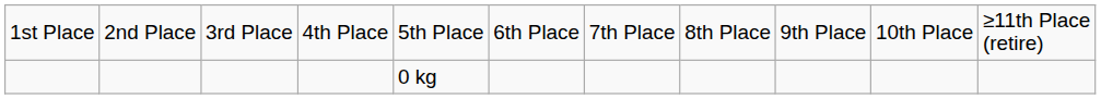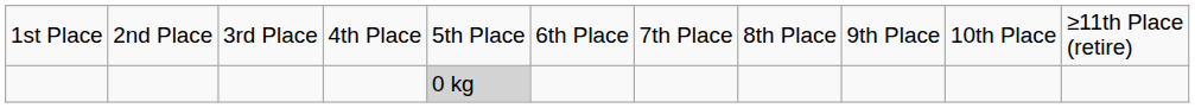 <table class="wikitable">
 <tr>
 <td>1st  Place</td>
 <td>2nd  Place</td>
 <td>3rd  Place</td>
 <td>4th  Place</td>
 <td>5th  Place</td>
 <td>6th  Place</td>
 <td>7th  Place</td>
 <td>8th  Place</td>
 <td>9th  Place</td>
 <td>10th  Place</td>
 <td>≥11th  Place<br>(retire)</td>
 </tr>
 <tr>
 <td></td>
 <td></td>
 <td></td>
 <td></td>
-<td>0 kg</td>
+<td style="background: lightgrey;">0 kg</td>
 <td></td>
 <td></td>
 <td></td>
 <td></td>
 <td></td>
 <td></td>
 </tr>
 </table>
